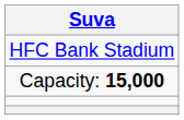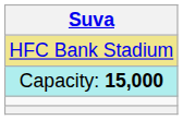 <table class="wikitable" style="text-align:center">
 <tr>
 <th><a href='#'>Suva</a></th>
 </tr>
 <tr>
-<td><a href='#'>HFC Bank Stadium</a></td>
+<td style="background: khaki;"><a href='#'>HFC Bank Stadium</a></td>
 </tr>
 <tr>
-<td>Capacity: <strong>15,000</strong></td>
+<td style="background: paleturquoise;">Capacity: <strong>15,000</strong></td>
 </tr>
 <tr>
 <td></td>
 </tr>
 <tr>
 <th colspan=4></th>
 </tr>
 </table>
